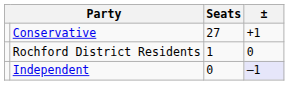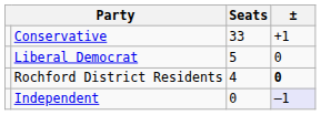 <table class="wikitable">
 <tr>
 <th colspan="2">Party</th>
 <th>Seats</th>
 <th>  ±  </th>
 </tr>
 <tr>
 <td style="background-color: "></td>
 <td><a href='#'>Conservative</a></td>
-<td>27</td>
+<td>33</td>
 <td>+1</td>
+</tr>
+<tr>
+<td style="background-color: "></td>
+<td><a href='#'>Liberal Democrat</a></td>
+<td>5</td>
+<td>0</td>
 </tr>
 <tr>
 <td style="backgrouns-color: "></td>
 <td>Rochford District Residents</td>
-<td>1</td>
-<td>0</td>
+<td>4</td>
+<td><strong>0</strong></td>
 </tr>
 <tr>
 <td style="backgrouns-color: "></td>
 <td><a href='#'>Independent</a></td>
 <td>0</td>
 <td style="background: lavender;">–1</td>
 </tr>
 </table>
